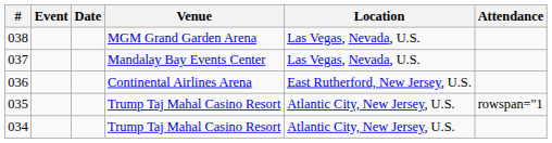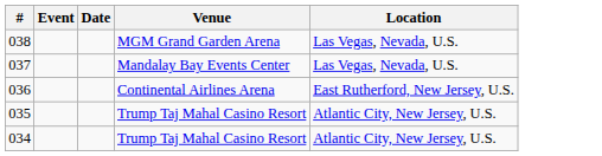 <table class="sortable wikitable succession-box" style="font-size:90%;">
 <tr>
 <th scope="col">#</th>
 <th scope="col">Event</th>
 <th scope="col">Date</th>
 <th scope="col">Venue</th>
 <th scope="col">Location</th>
-<th scope="col">Attendance</th>
 </tr>
 <tr>
 <td>038</td>
 <td></td>
 <td></td>
 <td><a href='#'>MGM Grand Garden Arena</a></td>
 <td><a href='#'>Las Vegas</a>, <a href='#'>Nevada</a>, U.S.</td>
-<td></td>
 </tr>
 <tr>
 <td>037</td>
 <td></td>
 <td></td>
 <td><a href='#'>Mandalay Bay Events Center</a></td>
 <td><a href='#'>Las Vegas</a>, <a href='#'>Nevada</a>, U.S.</td>
-<td></td>
 </tr>
 <tr>
 <td>036</td>
 <td></td>
 <td></td>
 <td><a href='#'>Continental Airlines Arena</a></td>
 <td><a href='#'>East Rutherford, New Jersey</a>, U.S.</td>
-<td></td>
 </tr>
 <tr>
 <td>035</td>
 <td></td>
 <td></td>
 <td><a href='#'>Trump Taj Mahal Casino Resort</a></td>
 <td><a href='#'>Atlantic City, New Jersey</a>, U.S.</td>
-<td>rowspan="1 </td>
 </tr>
 <tr>
 <td>034</td>
 <td></td>
 <td></td>
 <td><a href='#'>Trump Taj Mahal Casino Resort</a></td>
 <td><a href='#'>Atlantic City, New Jersey</a>, U.S.</td>
-<td></td>
 </tr>
 </table>
